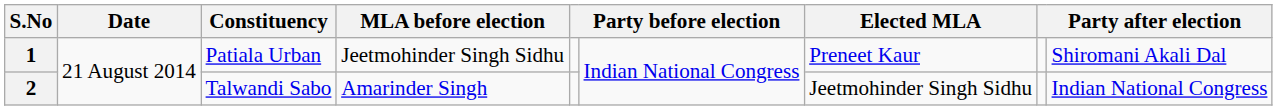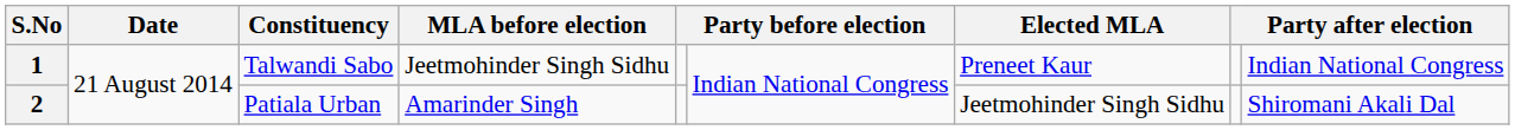 <table class="wikitable sortable">
 <tr>
 <th>S.No</th>
 <th>Date</th>
 <th>Constituency</th>
 <th>MLA before election</th>
 <th colspan="2">Party before election</th>
 <th>Elected MLA</th>
 <th colspan="2">Party after election</th>
 </tr>
 <tr>
 <th>1</th>
 <td rowspan="2">21 August 2014</td>
-<td><a href='#'>Patiala Urban</a></td>
+<td><a href='#'>Talwandi Sabo</a></td>
 <td>Jeetmohinder Singh Sidhu</td>
 <td></td>
 <td rowspan="2"><a href='#'>Indian National Congress</a></td>
 <td><a href='#'>Preneet Kaur</a></td>
 <td></td>
-<td><a href='#'>Shiromani Akali Dal</a></td>
+<td><a href='#'>Indian National Congress</a></td>
 </tr>
 <tr>
 <th>2</th>
-<td><a href='#'>Talwandi Sabo</a></td>
+<td><a href='#'>Patiala Urban</a></td>
 <td><a href='#'>Amarinder Singh</a></td>
 <td></td>
 <td>Jeetmohinder Singh Sidhu</td>
 <td></td>
-<td><a href='#'>Indian National Congress</a></td>
+<td><a href='#'>Shiromani Akali Dal</a></td>
 </tr>
 </table>
